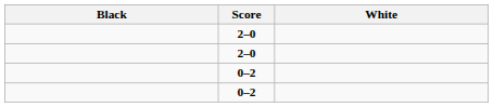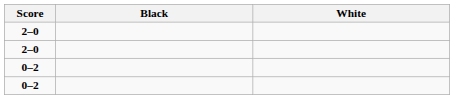 <table class="wikitable" style="text-align: center;">
 <tr>
+<th width="65">Score</th>
 <th align="right" width="270">Black</th>
-<th width="65">Score</th>
 <th align="left" width="270">White</th>
 </tr>
 <tr>
+<td align=center><strong>2–0</strong></td>
 <td align=left><strong></strong></td>
-<td align=center><strong>2–0</strong></td>
 <td align=left></td>
 </tr>
 <tr>
+<td align=center><strong>2–0</strong></td>
 <td align=left><strong></strong></td>
-<td align=center><strong>2–0</strong></td>
 <td align=left></td>
 </tr>
 <tr>
+<td align=center><strong>0–2</strong></td>
 <td align=left></td>
-<td align=center><strong>0–2</strong></td>
 <td align=left><strong></strong></td>
 </tr>
 <tr>
+<td align=center><strong>0–2</strong></td>
 <td align=left></td>
-<td align=center><strong>0–2</strong></td>
 <td align=left><strong></strong></td>
 </tr>
 </table>
